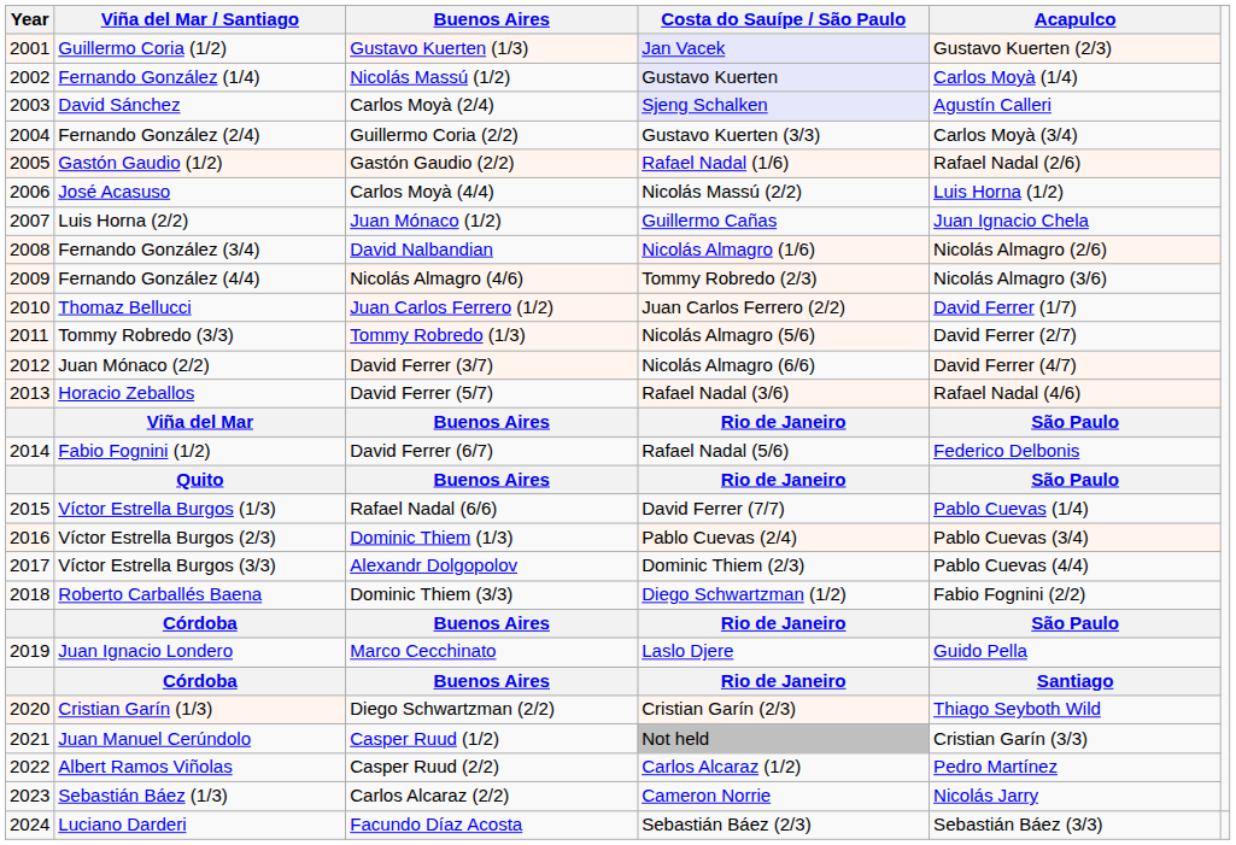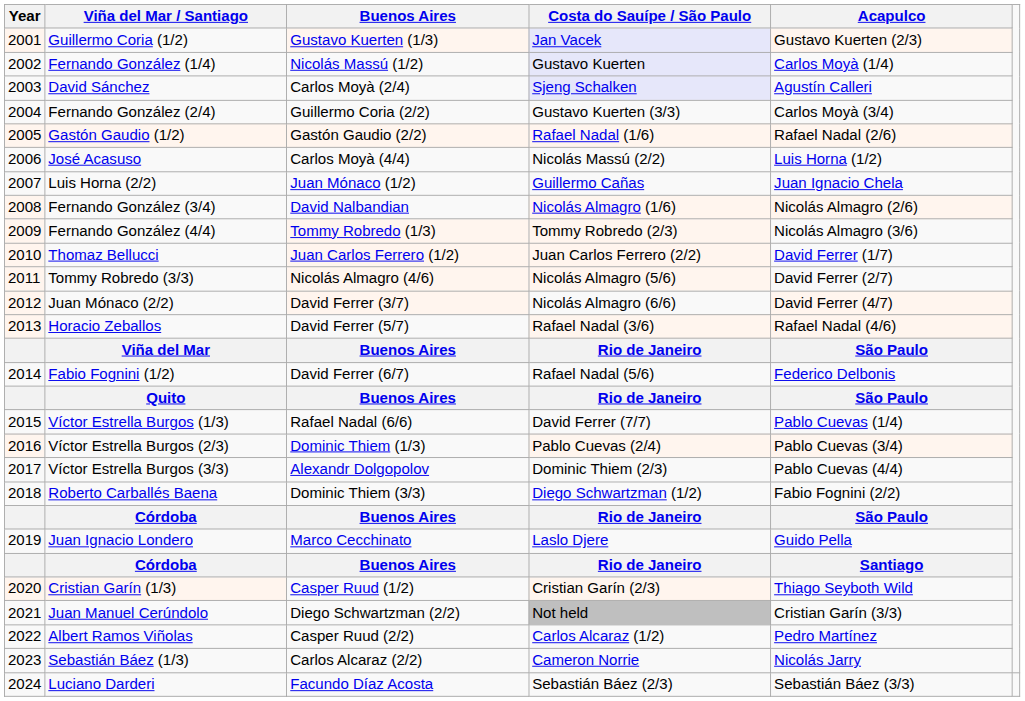 <table class="wikitable">
 <tr>
 <th>Year</th>
 <th width=250><a href='#'>Viña del Mar / Santiago</a></th>
 <th width=250><a href='#'>Buenos Aires</a></th>
 <th width=250><a href='#'>Costa do Sauípe / São Paulo</a></th>
 <th width=250><a href='#'>Acapulco</a></th>
 </tr>
 <tr>
 <td style="background: #FFF5EE">2001</td>
 <td> <a href='#'>Guillermo Coria</a> (1/2)</td>
 <td style="background: #FFF5EE"> <a href='#'>Gustavo Kuerten</a> (1/3)</td>
 <td style="background: #E6E7FA"> <a href='#'>Jan Vacek</a></td>
 <td style="background: #FFF5EE"> Gustavo Kuerten (2/3)</td>
 </tr>
 <tr>
 <td>2002</td>
 <td> <a href='#'>Fernando González</a> (1/4)</td>
 <td> <a href='#'>Nicolás Massú</a> (1/2)</td>
 <td style="background: #E6E7FA"> Gustavo Kuerten</td>
 <td> <a href='#'>Carlos Moyà</a> (1/4)</td>
 </tr>
 <tr>
 <td>2003</td>
 <td> <a href='#'>David Sánchez</a></td>
 <td> Carlos Moyà (2/4)</td>
 <td style="background: #E6E7FA"> <a href='#'>Sjeng Schalken</a></td>
 <td> <a href='#'>Agustín Calleri</a></td>
 </tr>
 <tr>
 <td>2004</td>
 <td> Fernando González (2/4)</td>
 <td> Guillermo Coria (2/2)</td>
 <td> Gustavo Kuerten (3/3)</td>
 <td> Carlos Moyà (3/4)</td>
 </tr>
 <tr>
 <td style="background: #FFF5EE">2005</td>
 <td style="background: #FFF5EE"> <a href='#'>Gastón Gaudio</a> (1/2)</td>
 <td style="background: #FFF5EE"> Gastón Gaudio (2/2)</td>
 <td style="background: #FFF5EE"> <a href='#'>Rafael Nadal</a> (1/6)</td>
 <td style="background: #FFF5EE"> Rafael Nadal (2/6)</td>
 </tr>
 <tr>
 <td>2006</td>
 <td> <a href='#'>José Acasuso</a></td>
 <td> Carlos Moyà (4/4)</td>
 <td> Nicolás Massú (2/2)</td>
 <td> <a href='#'>Luis Horna</a> (1/2)</td>
 </tr>
 <tr>
 <td>2007</td>
 <td> Luis Horna (2/2)</td>
 <td> <a href='#'>Juan Mónaco</a> (1/2)</td>
 <td> <a href='#'>Guillermo Cañas</a></td>
 <td> <a href='#'>Juan Ignacio Chela</a></td>
 </tr>
 <tr>
 <td style="background: #FFF5EE">2008</td>
 <td> Fernando González (3/4)</td>
 <td> <a href='#'>David Nalbandian</a></td>
 <td style="background: #FFF5EE"> <a href='#'>Nicolás Almagro</a> (1/6)</td>
 <td style="background: #FFF5EE"> Nicolás Almagro (2/6)</td>
 </tr>
 <tr>
 <td style="background: #FFF5EE">2009</td>
 <td> Fernando González (4/4)</td>
-<td style="background: #FFF5EE"> Nicolás Almagro (4/6)</td>
+<td style="background: #FFF5EE"> <a href='#'>Tommy Robredo</a> (1/3)</td>
 <td style="background: #FFF5EE"> Tommy Robredo (2/3)</td>
 <td> Nicolás Almagro (3/6)</td>
 </tr>
 <tr>
 <td style="background: #FFF5EE">2010</td>
 <td> <a href='#'>Thomaz Bellucci</a></td>
 <td style="background: #FFF5EE"> <a href='#'>Juan Carlos Ferrero</a> (1/2)</td>
 <td style="background: #FFF5EE"> Juan Carlos Ferrero (2/2)</td>
 <td> <a href='#'>David Ferrer</a> (1/7)</td>
 </tr>
 <tr>
 <td style="background: #FFF5EE">2011</td>
 <td> Tommy Robredo (3/3)</td>
-<td style="background: #FFF5EE"> <a href='#'>Tommy Robredo</a> (1/3)</td>
+<td style="background: #FFF5EE"> Nicolás Almagro (4/6)</td>
 <td style="background: #FFF5EE"> Nicolás Almagro (5/6)</td>
 <td> David Ferrer (2/7)</td>
 </tr>
 <tr>
 <td style="background: #FFF5EE">2012</td>
 <td> Juan Mónaco (2/2)</td>
 <td style="background: #FFF5EE"> David Ferrer (3/7)</td>
 <td> Nicolás Almagro (6/6)</td>
 <td style="background: #FFF5EE"> David Ferrer (4/7)</td>
 </tr>
 <tr>
 <td style="background: #FFF5EE">2013</td>
 <td> <a href='#'>Horacio Zeballos</a></td>
 <td> David Ferrer (5/7)</td>
 <td style="background: #FFF5EE"> Rafael Nadal (3/6)</td>
 <td style="background: #FFF5EE"> Rafael Nadal (4/6)</td>
 </tr>
 <tr>
 <th></th>
 <th width=250><a href='#'>Viña del Mar</a></th>
 <th width=250><a href='#'>Buenos Aires</a></th>
 <th width=250><a href='#'>Rio de Janeiro</a></th>
 <th width=250><a href='#'>São Paulo</a></th>
 </tr>
 <tr>
 <td>2014</td>
 <td> <a href='#'>Fabio Fognini</a> (1/2)</td>
 <td> David Ferrer (6/7)</td>
 <td> Rafael Nadal (5/6)</td>
 <td> <a href='#'>Federico Delbonis</a></td>
 </tr>
 <tr>
 <th></th>
 <th width=250><a href='#'>Quito</a></th>
 <th width=250><a href='#'>Buenos Aires</a></th>
 <th width=250><a href='#'>Rio de Janeiro</a></th>
 <th width=250><a href='#'>São Paulo</a></th>
 </tr>
 <tr>
 <td>2015</td>
 <td> <a href='#'>Víctor Estrella Burgos</a> (1/3)</td>
 <td> Rafael Nadal (6/6)</td>
 <td> David Ferrer (7/7)</td>
 <td> <a href='#'>Pablo Cuevas</a> (1/4)</td>
 </tr>
 <tr>
 <td style="background: #FFF5EE">2016</td>
 <td> Víctor Estrella Burgos (2/3)</td>
 <td> <a href='#'>Dominic Thiem</a> (1/3)</td>
 <td style="background: #FFF5EE"> Pablo Cuevas (2/4)</td>
 <td style="background: #FFF5EE"> Pablo Cuevas (3/4)</td>
 </tr>
 <tr>
 <td>2017</td>
 <td> Víctor Estrella Burgos (3/3)</td>
 <td> <a href='#'>Alexandr Dolgopolov</a></td>
 <td> Dominic Thiem (2/3)</td>
 <td> Pablo Cuevas (4/4)</td>
 </tr>
 <tr>
 <td>2018</td>
 <td> <a href='#'>Roberto Carballés Baena</a></td>
 <td> Dominic Thiem (3/3)</td>
 <td> <a href='#'>Diego Schwartzman</a> (1/2)</td>
 <td> Fabio Fognini (2/2)</td>
 </tr>
 <tr>
 <th></th>
 <th width=250><a href='#'>Córdoba</a></th>
 <th width=250><a href='#'>Buenos Aires</a></th>
 <th width=250><a href='#'>Rio de Janeiro</a></th>
 <th width=250><a href='#'>São Paulo</a></th>
 </tr>
 <tr>
 <td>2019</td>
 <td> <a href='#'>Juan Ignacio Londero</a></td>
 <td> <a href='#'>Marco Cecchinato</a></td>
 <td> <a href='#'>Laslo Djere</a></td>
 <td> <a href='#'>Guido Pella</a></td>
 </tr>
 <tr>
 <th></th>
 <th width=250><a href='#'>Córdoba</a></th>
 <th width=250><a href='#'>Buenos Aires</a></th>
 <th width=250><a href='#'>Rio de Janeiro</a></th>
 <th width=250><a href='#'>Santiago</a></th>
 </tr>
 <tr>
 <td style="background: #FFF5EE">2020</td>
 <td style="background: #FFF5EE"> <a href='#'>Cristian Garín</a> (1/3)</td>
-<td> Diego Schwartzman (2/2)</td>
+<td> <a href='#'>Casper Ruud</a> (1/2)</td>
 <td style="background: #FFF5EE"> Cristian Garín (2/3)</td>
 <td> <a href='#'>Thiago Seyboth Wild</a></td>
 </tr>
 <tr>
 <td>2021</td>
 <td> <a href='#'>Juan Manuel Cerúndolo</a></td>
-<td> <a href='#'>Casper Ruud</a> (1/2)</td>
+<td> Diego Schwartzman (2/2)</td>
 <td style="background: #bfbfbf">Not held</td>
 <td> Cristian Garín (3/3)</td>
 </tr>
 <tr>
 <td>2022</td>
 <td> <a href='#'>Albert Ramos Viñolas</a></td>
 <td> Casper Ruud (2/2)</td>
 <td> <a href='#'>Carlos Alcaraz</a> (1/2)</td>
 <td> <a href='#'>Pedro Martínez</a></td>
 </tr>
 <tr>
 <td>2023</td>
 <td> <a href='#'>Sebastián Báez</a> (1/3)</td>
 <td> Carlos Alcaraz (2/2)</td>
 <td> <a href='#'>Cameron Norrie</a></td>
 <td> <a href='#'>Nicolás Jarry</a></td>
 </tr>
 <tr>
 <td>2024</td>
 <td> <a href='#'>Luciano Darderi</a></td>
 <td> <a href='#'>Facundo Díaz Acosta</a></td>
 <td> Sebastián Báez (2/3)</td>
 <td> Sebastián Báez (3/3)</td>
 <td></td>
 </tr>
 </table>
